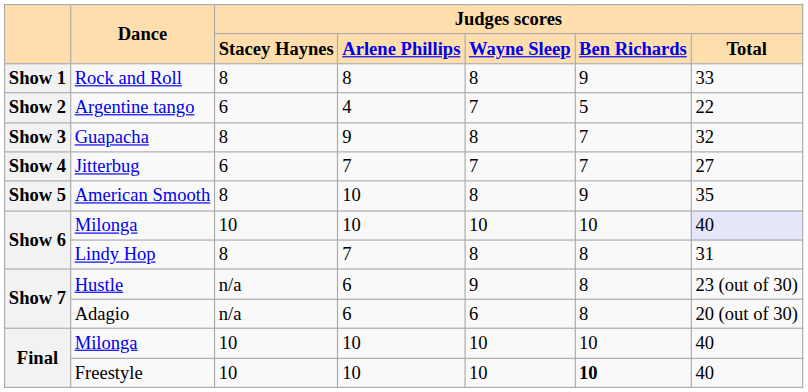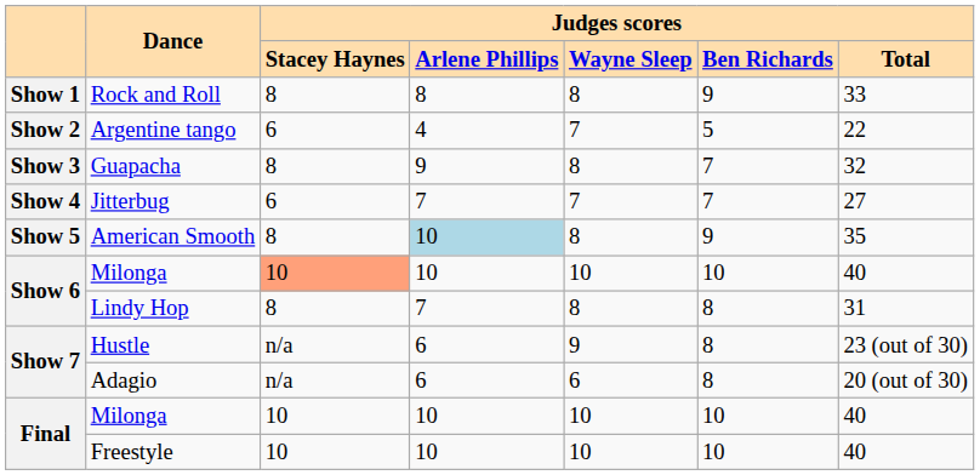 <table class="wikitable">
 <tr>
 <th rowspan = "2" style="background:#ffdead;"> </th>
 <th rowspan = "2" style="background:#ffdead;">Dance</th>
 <th colspan = "5" style="background:#ffdead;">Judges scores</th>
 </tr>
 <tr>
 <th style="background:#ffdead;">Stacey Haynes</th>
 <th style="background:#ffdead;"><a href='#'>Arlene Phillips</a></th>
 <th style="background:#ffdead;"><a href='#'>Wayne Sleep</a></th>
 <th style="background:#ffdead;"><a href='#'>Ben Richards</a></th>
 <th style="background:#ffdead;">Total</th>
 </tr>
 <tr>
 <th>Show 1</th>
 <td><a href='#'>Rock and Roll</a></td>
 <td>8</td>
 <td>8</td>
 <td>8</td>
 <td>9</td>
 <td>33</td>
 </tr>
 <tr>
 <th>Show 2</th>
 <td><a href='#'>Argentine tango</a></td>
 <td>6</td>
 <td>4</td>
 <td>7</td>
 <td>5</td>
 <td>22</td>
 </tr>
 <tr>
 <th>Show 3</th>
 <td><a href='#'>Guapacha</a></td>
 <td>8</td>
 <td>9</td>
 <td>8</td>
 <td>7</td>
 <td>32</td>
 </tr>
 <tr>
 <th>Show 4</th>
 <td><a href='#'>Jitterbug</a></td>
 <td>6</td>
 <td>7</td>
 <td>7</td>
 <td>7</td>
 <td>27</td>
 </tr>
 <tr>
 <th>Show 5</th>
 <td><a href='#'>American Smooth</a></td>
 <td>8</td>
-<td>10</td>
+<td style="background: lightblue;">10</td>
 <td>8</td>
 <td>9</td>
 <td>35</td>
 </tr>
 <tr>
 <th rowspan = "2">Show 6</th>
 <td><a href='#'>Milonga</a></td>
+<td style="background: lightsalmon;">10</td>
 <td>10</td>
 <td>10</td>
 <td>10</td>
-<td>10</td>
-<td style="background: lavender;">40</td>
+<td>40</td>
 </tr>
 <tr>
 <td><a href='#'>Lindy Hop</a></td>
 <td>8</td>
 <td>7</td>
 <td>8</td>
 <td>8</td>
 <td>31</td>
 </tr>
 <tr>
 <th rowspan = "2">Show 7</th>
 <td><a href='#'>Hustle</a></td>
 <td>n/a</td>
 <td>6</td>
 <td>9</td>
 <td>8</td>
 <td>23 (out of 30)</td>
 </tr>
 <tr>
 <td>Adagio</td>
 <td>n/a</td>
 <td>6</td>
 <td>6</td>
 <td>8</td>
 <td>20 (out of 30)</td>
 </tr>
 <tr>
 <th rowspan = "2">Final</th>
 <td><a href='#'>Milonga</a></td>
 <td>10</td>
 <td>10</td>
 <td>10</td>
 <td>10</td>
 <td>40</td>
 </tr>
 <tr>
 <td>Freestyle</td>
 <td>10</td>
 <td>10</td>
 <td>10</td>
-<td><strong>10</strong></td>
+<td>10</td>
 <td>40</td>
 </tr>
 </table>
